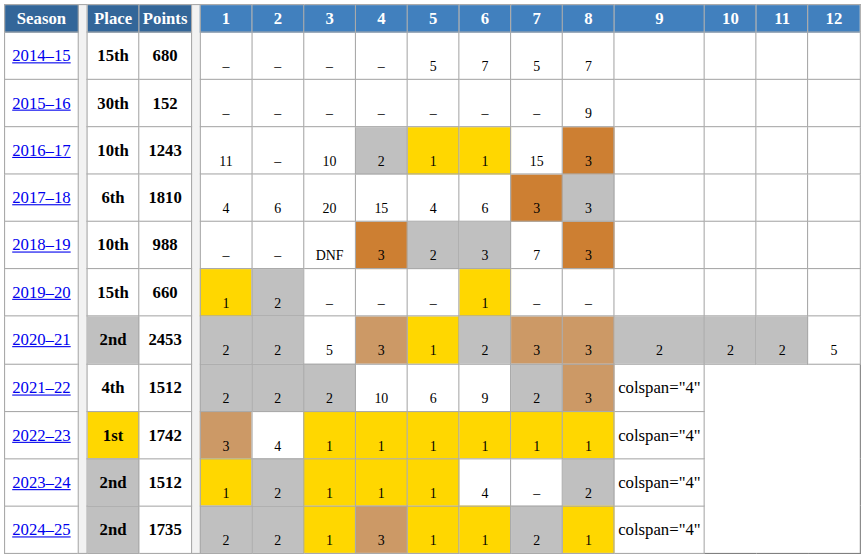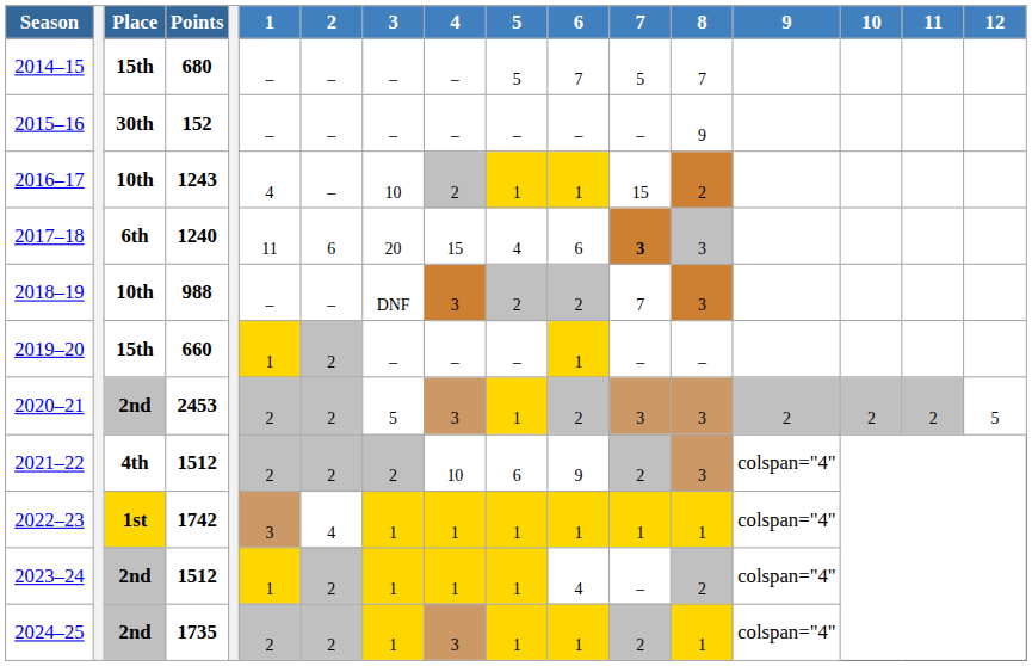 <table class="wikitable" style="font-size:95%; text-align:center; border:grey solid 1px; border-collapse:collapse; background:#ffffff;">
 <tr>
 <th style="background-color:#369; color:white; width:60px">Season</th>
 <th rowspan="12" width="1px"></th>
 <th style="background-color:#369; color:white; width:40px">Place</th>
 <th style="background-color:#369; color:white; width:40px">Points</th>
 <th rowspan="12" width="1px"></th>
 <th style="background-color:#4180be; color:white; width:40px">1</th>
 <th style="background-color:#4180be; color:white; width:40px">2</th>
 <th style="background-color:#4180be; color:white; width:40px">3</th>
 <th style="background-color:#4180be; color:white; width:40px">4</th>
 <th style="background-color:#4180be; color:white; width:40px">5</th>
 <th style="background-color:#4180be; color:white; width:40px">6</th>
 <th style="background-color:#4180be; color:white; width:40px">7</th>
 <th style="background-color:#4180be; color:white; width:40px">8</th>
 <th style="background-color:#4180be; color:white; width:40px">9</th>
 <th style="background-color:#4180be; color:white; width:40px">10</th>
 <th style="background-color:#4180be; color:white; width:40px">11</th>
 <th style="background-color:#4180be; color:white; width:40px">12</th>
 </tr>
 <tr>
 <td><a href='#'>2014–15</a></td>
 <td><strong>15th</strong></td>
 <td><strong>680</strong></td>
 <td><br><small>–</small></td>
 <td><br><small>–</small></td>
 <td><br><small>–</small></td>
 <td><br><small>–</small></td>
 <td><br><small>5</small></td>
 <td><br><small>7</small></td>
 <td><br><small>5</small></td>
 <td><br><small>7</small></td>
 <td></td>
 <td></td>
 <td></td>
 <td></td>
 </tr>
 <tr>
 <td><a href='#'>2015–16</a></td>
 <td><strong>30th</strong></td>
 <td><strong>152</strong></td>
 <td><br><small>–</small></td>
 <td><br><small>–</small></td>
 <td><br><small>–</small></td>
 <td><br><small>–</small></td>
 <td><br><small>–</small></td>
 <td><br><small>–</small></td>
 <td><br><small>–</small></td>
 <td><br><small>9</small></td>
 <td></td>
 <td></td>
 <td></td>
 <td></td>
 </tr>
 <tr>
 <td><a href='#'>2016–17</a></td>
 <td><strong>10th</strong></td>
 <td><strong>1243</strong></td>
-<td><br><small>11</small></td>
+<td><br><small>4</small></td>
 <td><br><small>–</small></td>
 <td><br><small>10</small></td>
 <td style="background:silver"><br><small>2</small></td>
 <td style="background:gold;"><br><small>1</small></td>
 <td style="background:gold;"><br><small>1</small></td>
 <td><br><small>15</small></td>
-<td style="background:#CD7F32;"><br><small>3</small></td>
+<td style="background:#CD7F32;"><br><small>2</small></td>
 <td></td>
 <td></td>
 <td></td>
 <td></td>
 </tr>
 <tr>
 <td><a href='#'>2017–18</a></td>
 <td><strong>6th</strong></td>
-<td><strong>1810</strong></td>
-<td><br><small>4</small></td>
+<td><strong>1240</strong></td>
+<td><br><small>11</small></td>
 <td><br><small>6</small></td>
 <td><br><small>20</small></td>
 <td><br><small>15</small></td>
 <td><br><small>4</small></td>
 <td><br><small>6</small></td>
-<td style="background:#CD7F32;"><br><small>3</small></td>
+<td style="background:#CD7F32;"><strong><br><small>3</small></strong></td>
 <td style="background:silver;"><br><small>3</small></td>
 <td></td>
 <td></td>
 <td></td>
 <td></td>
 </tr>
 <tr>
 <td><a href='#'>2018–19</a></td>
 <td><strong>10th</strong></td>
 <td><strong>988</strong></td>
 <td><br><small>–</small></td>
 <td><br><small>–</small></td>
 <td><br><small>DNF</small></td>
 <td style="background:#CD7F32;"><br><small>3</small></td>
 <td style="background:silver;"><br><small>2</small></td>
-<td style="background:silver;"><br><small>3</small></td>
+<td style="background:silver;"><br><small>2</small></td>
 <td><br><small>7</small></td>
 <td style="background:#CD7F32;"><br><small>3</small></td>
 <td></td>
 <td></td>
 <td></td>
 <td></td>
 </tr>
 <tr>
 <td><a href='#'>2019–20</a></td>
 <td><strong>15th</strong></td>
 <td><strong>660</strong></td>
 <td style="background:gold"><br><small>1</small></td>
 <td style="background:silver"><br><small>2</small></td>
 <td><br><small>–</small></td>
 <td><br><small>–</small></td>
 <td><br><small>–</small></td>
 <td style="background:gold"><br><small>1</small></td>
 <td><br><small>–</small></td>
 <td><br><small>–</small></td>
 <td></td>
 <td></td>
 <td></td>
 <td></td>
 </tr>
 <tr>
 <td><a href='#'>2020–21</a></td>
 <td style="background:silver"><strong>2nd</strong></td>
 <td><strong>2453</strong></td>
 <td style="background:silver"><br><small>2</small></td>
 <td style="background:silver"><br><small>2</small></td>
 <td><br><small>5</small></td>
 <td style="background:#CC9966"><br><small>3</small></td>
 <td style="background:gold"><br><small>1</small></td>
 <td style="background:silver"><br><small>2</small></td>
 <td style="background:#CC9966"><br><small>3</small></td>
 <td style="background:#CC9966"><br><small>3</small></td>
 <td style="background:silver"><br><small>2</small></td>
 <td style="background:silver"><br><small>2</small></td>
 <td style="background:silver"><br><small>2</small></td>
 <td><br><small>5</small></td>
 </tr>
 <tr>
 <td><a href='#'>2021–22</a></td>
 <td><strong>4th</strong></td>
 <td><strong>1512</strong></td>
 <td style="background:silver"><br><small>2</small></td>
 <td style="background:silver"><br><small>2</small></td>
 <td style="background:silver"><br><small>2</small></td>
 <td><br><small>10</small></td>
 <td><br><small>6</small></td>
 <td><br><small>9</small></td>
 <td style="background:silver"><br><small>2</small></td>
 <td style="background:#CC9966"><br><small>3</small></td>
 <td>colspan="4" </td>
 </tr>
 <tr>
 <td><a href='#'>2022–23</a></td>
 <td style="background:gold"><strong>1st</strong></td>
 <td><strong>1742</strong></td>
 <td style="background:#CC9966"><br><small>3</small></td>
 <td><br><small>4</small></td>
 <td style="background:gold"><br><small>1</small></td>
 <td style="background:gold"><br><small>1</small></td>
 <td style="background:gold"><br><small>1</small></td>
 <td style="background:gold"><br><small>1</small></td>
 <td style="background:gold"><br><small>1</small></td>
 <td style="background:gold"><br><small>1</small></td>
 <td>colspan="4" </td>
 </tr>
 <tr>
 <td><a href='#'>2023–24</a></td>
 <td style="background:silver"><strong>2nd</strong></td>
 <td><strong>1512</strong></td>
 <td style="background:gold"><br><small>1</small></td>
 <td style="background:silver"><br><small>2</small></td>
 <td style="background:gold"><br><small>1</small></td>
 <td style="background:gold"><br><small>1</small></td>
 <td style="background:gold"><br><small>1</small></td>
 <td><br><small>4</small></td>
 <td><br><small>–</small></td>
 <td style="background:silver"><br><small>2</small></td>
 <td>colspan="4" </td>
 </tr>
 <tr>
 <td><a href='#'>2024–25</a></td>
 <td style="background:silver"><strong>2nd</strong></td>
 <td><strong>1735</strong></td>
 <td style="background:silver"><br><small>2</small></td>
 <td style="background:silver"><br><small>2</small></td>
 <td style="background:gold"><br><small>1</small></td>
 <td style="background:#CC9966"><br><small>3</small></td>
 <td style="background:gold"><br><small>1</small></td>
 <td style="background:gold"><br><small>1</small></td>
 <td style="background:silver"><br><small>2</small></td>
 <td style="background:gold"><br><small>1</small></td>
 <td>colspan="4" </td>
 </tr>
 </table>
